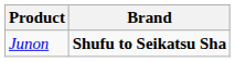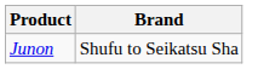 <table class="wikitable">
 <tr>
 <th>Product</th>
 <th>Brand</th>
 </tr>
 <tr>
 <td><em><a href='#'>Junon</a></em></td>
-<td><strong>Shufu to Seikatsu Sha</strong></td>
+<td>Shufu to Seikatsu Sha</td>
 </tr>
 </table>
